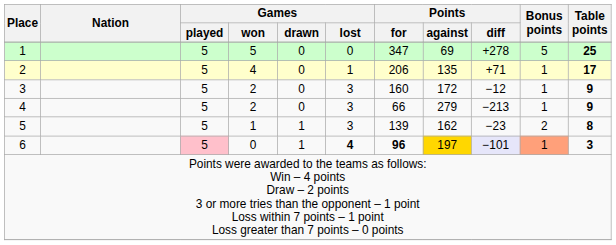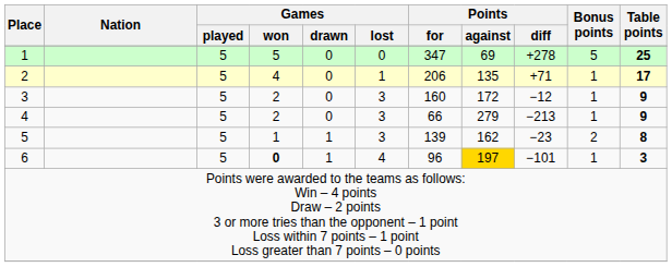 <table class="wikitable">
 <tr>
 <th rowspan=2 width="6%">Place</th>
 <th rowspan=2 width="23%">Nation</th>
 <th colspan=4 width="40%">Games</th>
 <th colspan=3 width="24%">Points</th>
 <th rowspan=2 width="8%">Bonus<br>points</th>
 <th rowspan=2 width="10%">Table<br>points</th>
 </tr>
 <tr>
 <th width="8%">played</th>
 <th width="8%">won</th>
 <th width="8%">drawn</th>
 <th width="8%">lost</th>
 <th width="8%">for</th>
 <th width="8%">against</th>
 <th width="8%">diff</th>
 </tr>
 <tr>
 </tr>
 <tr align=center bgcolor=ccffcc>
 <td>1</td>
 <td align=left></td>
 <td>5</td>
 <td>5</td>
 <td>0</td>
 <td>0</td>
 <td>347</td>
 <td>69</td>
 <td>+278</td>
 <td>5</td>
 <td><strong>25</strong></td>
 </tr>
 <tr align=center bgcolor=ffffcc>
 <td>2</td>
 <td align=left></td>
 <td>5</td>
 <td>4</td>
 <td>0</td>
 <td>1</td>
 <td>206</td>
 <td>135</td>
 <td>+71</td>
 <td>1</td>
 <td><strong>17</strong></td>
 </tr>
 <tr align=center>
 <td>3</td>
 <td align=left></td>
 <td>5</td>
 <td>2</td>
 <td>0</td>
 <td>3</td>
 <td>160</td>
 <td>172</td>
 <td>−12</td>
 <td>1</td>
 <td><strong>9</strong></td>
 </tr>
 <tr align=center>
 <td>4</td>
 <td align=left></td>
 <td>5</td>
 <td>2</td>
 <td>0</td>
 <td>3</td>
 <td>66</td>
 <td>279</td>
 <td>−213</td>
 <td>1</td>
 <td><strong>9</strong></td>
 </tr>
 <tr align=center>
 <td>5</td>
 <td align=left></td>
 <td>5</td>
 <td>1</td>
 <td>1</td>
 <td>3</td>
 <td>139</td>
 <td>162</td>
 <td>−23</td>
 <td>2</td>
 <td><strong>8</strong></td>
 </tr>
 <tr align=center>
 <td>6</td>
 <td align=left></td>
-<td style="background: pink;">5</td>
-<td>0</td>
+<td>5</td>
+<td><strong>0</strong></td>
 <td>1</td>
-<td><strong>4</strong></td>
-<td><strong>96</strong></td>
+<td>4</td>
+<td>96</td>
 <td style="background: gold;">197</td>
-<td style="background: lavender;">−101</td>
-<td style="background: lightsalmon;">1</td>
+<td>−101</td>
+<td>1</td>
 <td><strong>3</strong></td>
 </tr>
 <tr>
 <td colspan="100%" style="text-align:center;">Points were awarded to the teams as follows:<br>Win – 4 points<br>Draw – 2 points<br> 3 or more tries than the opponent – 1 point<br> Loss within 7 points – 1 point<br>Loss greater than 7 points – 0 points</td>
 </tr>
 <tr>
 </tr>
 </table>
